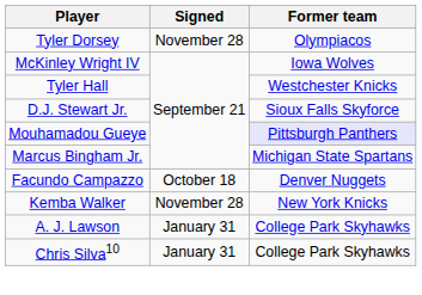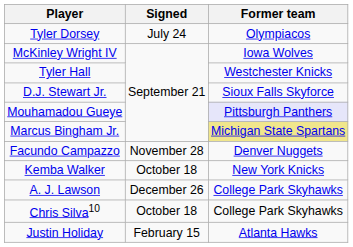 <table class="wikitable sortable sortable" style="text-align: center">
 <tr>
 <th>Player</th>
 <th>Signed</th>
 <th>Former team</th>
 </tr>
 <tr>
 <td><a href='#'>Tyler Dorsey</a></td>
-<td>November 28</td>
+<td>July 24</td>
 <td> <a href='#'>Olympiacos</a></td>
 </tr>
 <tr>
 <td><a href='#'>McKinley Wright IV</a></td>
 <td rowspan=5>September 21</td>
 <td><a href='#'>Iowa Wolves</a></td>
 </tr>
 <tr>
 <td><a href='#'>Tyler Hall</a></td>
 <td><a href='#'>Westchester Knicks</a></td>
 </tr>
 <tr>
 <td><a href='#'>D.J. Stewart Jr.</a></td>
 <td><a href='#'>Sioux Falls Skyforce</a></td>
 </tr>
 <tr>
 <td><a href='#'>Mouhamadou Gueye</a></td>
 <td style="background: lavender;"><a href='#'>Pittsburgh Panthers</a></td>
 </tr>
 <tr>
 <td><a href='#'>Marcus Bingham Jr.</a></td>
-<td><a href='#'>Michigan State Spartans</a></td>
+<td style="background: khaki;"><a href='#'>Michigan State Spartans</a></td>
 </tr>
 <tr>
 <td><a href='#'>Facundo Campazzo</a></td>
-<td>October 18</td>
+<td>November 28</td>
 <td><a href='#'>Denver Nuggets</a></td>
 </tr>
 <tr>
 <td><a href='#'>Kemba Walker</a></td>
-<td>November 28</td>
+<td>October 18</td>
 <td><a href='#'>New York Knicks</a></td>
 </tr>
 <tr>
 <td><a href='#'>A. J. Lawson</a></td>
-<td>January 31</td>
+<td>December 26</td>
 <td><a href='#'>College Park Skyhawks</a></td>
 </tr>
 <tr>
 <td><a href='#'>Chris Silva</a><sup>10</sup></td>
-<td>January 31</td>
+<td>October 18</td>
 <td>College Park Skyhawks</td>
 </tr>
+<tr>
+<td><a href='#'>Justin Holiday</a></td>
+<td>February 15</td>
+<td><a href='#'>Atlanta Hawks</a></td>
+</tr>
 </table>
